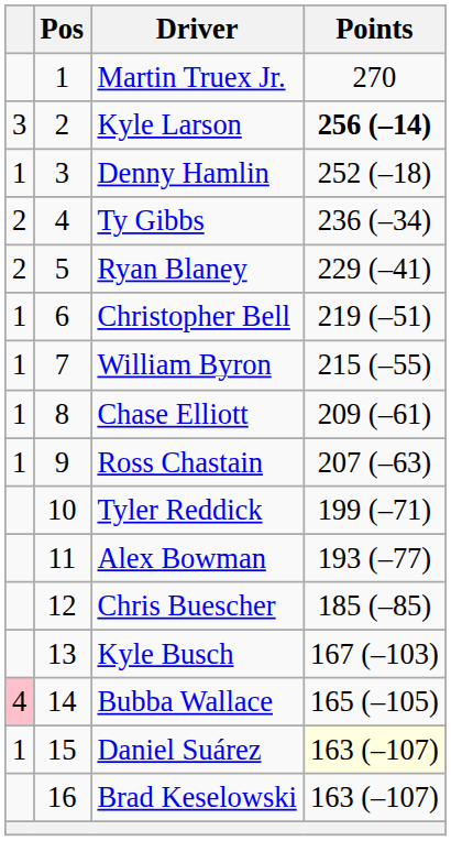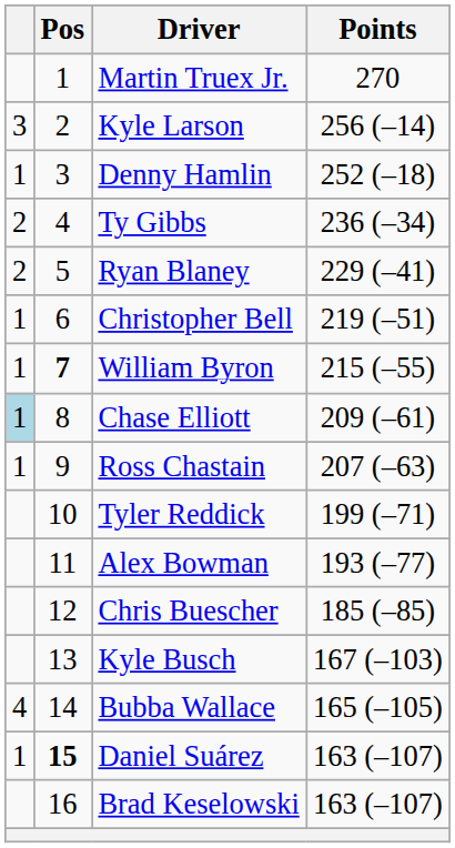 <table class="wikitable" style="font-size: 95%;">
 <tr>
 <th></th>
 <th>Pos</th>
 <th>Driver</th>
 <th>Points</th>
 </tr>
 <tr>
 <td align="left"></td>
 <td style="text-align:center;">1</td>
 <td><a href='#'>Martin Truex Jr.</a></td>
 <td style="text-align:center;">270</td>
 </tr>
 <tr>
 <td align="left"> 3</td>
 <td style="text-align:center;">2</td>
 <td><a href='#'>Kyle Larson</a></td>
-<td style="text-align:center;"><strong>256 (–14)</strong></td>
+<td style="text-align:center;">256 (–14)</td>
 </tr>
 <tr>
 <td align="left"> 1</td>
 <td style="text-align:center;">3</td>
 <td><a href='#'>Denny Hamlin</a></td>
 <td style="text-align:center;">252 (–18)</td>
 </tr>
 <tr>
 <td align="left"> 2</td>
 <td style="text-align:center;">4</td>
 <td><a href='#'>Ty Gibbs</a></td>
 <td style="text-align:center;">236 (–34)</td>
 </tr>
 <tr>
 <td align="left"> 2</td>
 <td style="text-align:center;">5</td>
 <td><a href='#'>Ryan Blaney</a></td>
 <td style="text-align:center;">229 (–41)</td>
 </tr>
 <tr>
 <td align="left"> 1</td>
 <td style="text-align:center;">6</td>
 <td><a href='#'>Christopher Bell</a></td>
 <td style="text-align:center;">219 (–51)</td>
 </tr>
 <tr>
 <td align="left"> 1</td>
-<td style="text-align:center;">7</td>
+<td style="text-align:center;"><strong>7</strong></td>
 <td><a href='#'>William Byron</a></td>
 <td style="text-align:center;">215 (–55)</td>
 </tr>
 <tr>
-<td align="left"> 1</td>
+<td align="left" style="background: lightblue;"> 1</td>
 <td style="text-align:center;">8</td>
 <td><a href='#'>Chase Elliott</a></td>
 <td style="text-align:center;">209 (–61)</td>
 </tr>
 <tr>
 <td align="left"> 1</td>
 <td style="text-align:center;">9</td>
 <td><a href='#'>Ross Chastain</a></td>
 <td style="text-align:center;">207 (–63)</td>
 </tr>
 <tr>
 <td align="left"></td>
 <td style="text-align:center;">10</td>
 <td><a href='#'>Tyler Reddick</a></td>
 <td style="text-align:center;">199 (–71)</td>
 </tr>
 <tr>
 <td align="left"></td>
 <td style="text-align:center;">11</td>
 <td><a href='#'>Alex Bowman</a></td>
 <td style="text-align:center;">193 (–77)</td>
 </tr>
 <tr>
 <td align="left"></td>
 <td style="text-align:center;">12</td>
 <td><a href='#'>Chris Buescher</a></td>
 <td style="text-align:center;">185 (–85)</td>
 </tr>
 <tr>
 <td align="left"></td>
 <td style="text-align:center;">13</td>
 <td><a href='#'>Kyle Busch</a></td>
 <td style="text-align:center;">167 (–103)</td>
 </tr>
 <tr>
-<td align="left" style="background: pink;"> 4</td>
+<td align="left"> 4</td>
 <td style="text-align:center;">14</td>
 <td><a href='#'>Bubba Wallace</a></td>
 <td style="text-align:center;">165 (–105)</td>
 </tr>
 <tr>
 <td align="left"> 1</td>
-<td style="text-align:center;">15</td>
+<td style="text-align:center;"><strong>15</strong></td>
 <td><a href='#'>Daniel Suárez</a></td>
-<td style="background: lightyellow; text-align:center;">163 (–107)</td>
+<td style="text-align:center;">163 (–107)</td>
 </tr>
 <tr>
 <td align="left"></td>
 <td style="text-align:center;">16</td>
 <td><a href='#'>Brad Keselowski</a></td>
 <td style="text-align:center;">163 (–107)</td>
 </tr>
 <tr class="sortbottom">
 <th colspan="9"></th>
 </tr>
 </table>
